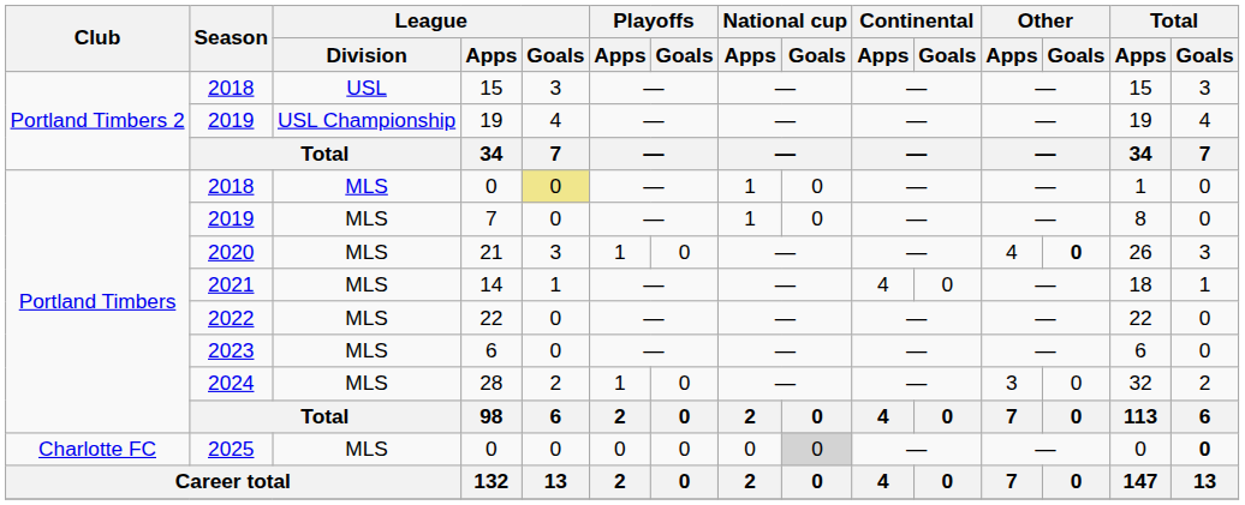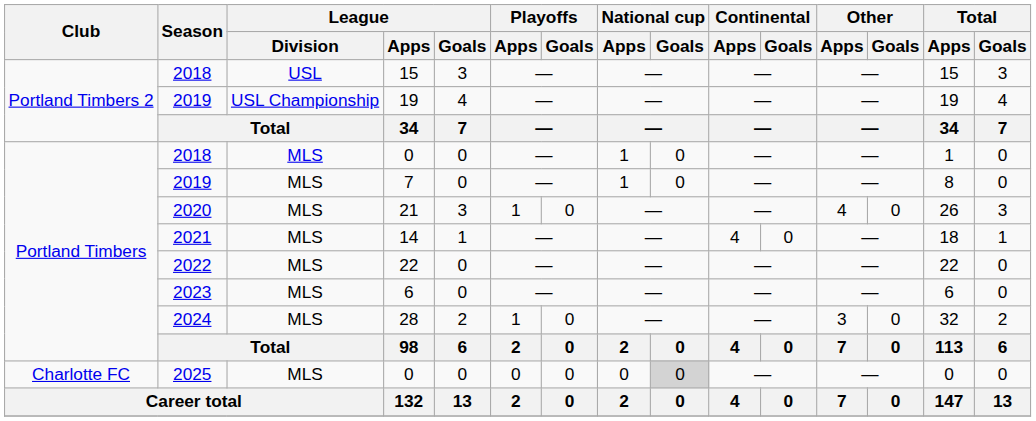 <table class="wikitable" style="text-align: center">
 <tr>
 <th rowspan="2">Club</th>
 <th rowspan="2">Season</th>
 <th colspan="3">League</th>
 <th colspan="2">Playoffs</th>
 <th colspan="2">National cup</th>
 <th colspan="2">Continental</th>
 <th colspan="2">Other</th>
 <th colspan="2">Total</th>
 </tr>
 <tr>
 <th>Division</th>
 <th>Apps</th>
 <th>Goals</th>
 <th>Apps</th>
 <th>Goals</th>
 <th>Apps</th>
 <th>Goals</th>
 <th>Apps</th>
 <th>Goals</th>
 <th>Apps</th>
 <th>Goals</th>
 <th>Apps</th>
 <th>Goals</th>
 </tr>
 <tr>
 <td rowspan="3"><a href='#'>Portland Timbers 2</a></td>
 <td><a href='#'>2018</a></td>
 <td><a href='#'>USL</a></td>
 <td>15</td>
 <td>3</td>
 <td colspan="2">—</td>
 <td colspan="2">—</td>
 <td colspan="2">—</td>
 <td colspan="2">—</td>
 <td>15</td>
 <td>3</td>
 </tr>
 <tr>
 <td><a href='#'>2019</a></td>
 <td><a href='#'>USL Championship</a></td>
 <td>19</td>
 <td>4</td>
 <td colspan="2">—</td>
 <td colspan="2">—</td>
 <td colspan="2">—</td>
 <td colspan="2">—</td>
 <td>19</td>
 <td>4</td>
 </tr>
 <tr>
 <th colspan="2">Total</th>
 <th>34</th>
 <th>7</th>
 <th colspan="2">—</th>
 <th colspan="2">—</th>
 <th colspan="2">—</th>
 <th colspan="2">—</th>
 <th>34</th>
 <th>7</th>
 </tr>
 <tr>
 <td rowspan="8"><a href='#'>Portland Timbers</a></td>
 <td><a href='#'>2018</a></td>
 <td><a href='#'>MLS</a></td>
 <td>0</td>
-<td style="background: khaki;">0</td>
+<td>0</td>
 <td colspan="2">—</td>
 <td>1</td>
 <td>0</td>
 <td colspan="2">—</td>
 <td colspan="2">—</td>
 <td>1</td>
 <td>0</td>
 </tr>
 <tr>
 <td><a href='#'>2019</a></td>
 <td>MLS</td>
 <td>7</td>
 <td>0</td>
 <td colspan="2">—</td>
 <td>1</td>
 <td>0</td>
 <td colspan="2">—</td>
 <td colspan="2">—</td>
 <td>8</td>
 <td>0</td>
 </tr>
 <tr>
 <td><a href='#'>2020</a></td>
 <td>MLS</td>
 <td>21</td>
 <td>3</td>
 <td>1</td>
 <td>0</td>
 <td colspan="2">—</td>
 <td colspan="2">—</td>
 <td>4</td>
-<td><strong>0</strong></td>
+<td>0</td>
 <td>26</td>
 <td>3</td>
 </tr>
 <tr>
 <td><a href='#'>2021</a></td>
 <td>MLS</td>
 <td>14</td>
 <td>1</td>
 <td colspan="2">—</td>
 <td colspan="2">—</td>
 <td>4</td>
 <td>0</td>
 <td colspan="2">—</td>
 <td>18</td>
 <td>1</td>
 </tr>
 <tr>
 <td><a href='#'>2022</a></td>
 <td>MLS</td>
 <td>22</td>
 <td>0</td>
 <td colspan="2">—</td>
 <td colspan="2">—</td>
 <td colspan="2">—</td>
 <td colspan="2">—</td>
 <td>22</td>
 <td>0</td>
 </tr>
 <tr>
 <td><a href='#'>2023</a></td>
 <td>MLS</td>
 <td>6</td>
 <td>0</td>
 <td colspan="2">—</td>
 <td colspan="2">—</td>
 <td colspan="2">—</td>
 <td colspan="2">—</td>
 <td>6</td>
 <td>0</td>
 </tr>
 <tr>
 <td><a href='#'>2024</a></td>
 <td>MLS</td>
 <td>28</td>
 <td>2</td>
 <td>1</td>
 <td>0</td>
 <td colspan="2">—</td>
 <td colspan="2">—</td>
 <td>3</td>
 <td>0</td>
 <td>32</td>
 <td>2</td>
 </tr>
 <tr>
 <th colspan="2">Total</th>
 <th>98</th>
 <th>6</th>
 <th>2</th>
 <th>0</th>
 <th>2</th>
 <th>0</th>
 <th>4</th>
 <th>0</th>
 <th>7</th>
 <th>0</th>
 <th>113</th>
 <th>6</th>
 </tr>
 <tr>
 <td rowspan="1"><a href='#'>Charlotte FC</a></td>
 <td><a href='#'>2025</a></td>
 <td>MLS</td>
 <td>0</td>
 <td>0</td>
 <td>0</td>
 <td>0</td>
 <td>0</td>
 <td style="background: lightgrey;">0</td>
 <td colspan="2">—</td>
 <td colspan="2">—</td>
 <td>0</td>
-<td><strong>0</strong></td>
+<td>0</td>
 </tr>
 <tr>
 <th colspan="3"><strong>Career total</strong></th>
 <th>132</th>
 <th>13</th>
 <th>2</th>
 <th>0</th>
 <th>2</th>
 <th>0</th>
 <th>4</th>
 <th>0</th>
 <th>7</th>
 <th>0</th>
 <th>147</th>
 <th>13</th>
 </tr>
 <tr>
 </tr>
 </table>
